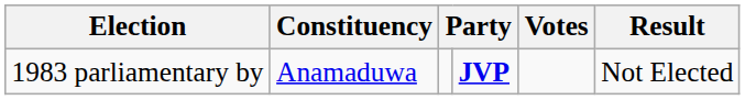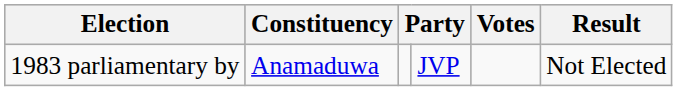 <table class="wikitable" style="text-align:left;">
 <tr>
 <th scope=col>Election</th>
 <th scope=col>Constituency</th>
 <th scope=col colspan="2">Party</th>
 <th scope=col>Votes</th>
 <th scope=col>Result</th>
 </tr>
 <tr>
 <td>1983 parliamentary by</td>
 <td><a href='#'>Anamaduwa</a></td>
 <td style="background:"></td>
-<td><strong><a href='#'>JVP</a></strong></td>
+<td><a href='#'>JVP</a></td>
 <td align=right></td>
 <td>Not Elected</td>
 </tr>
 </table>
